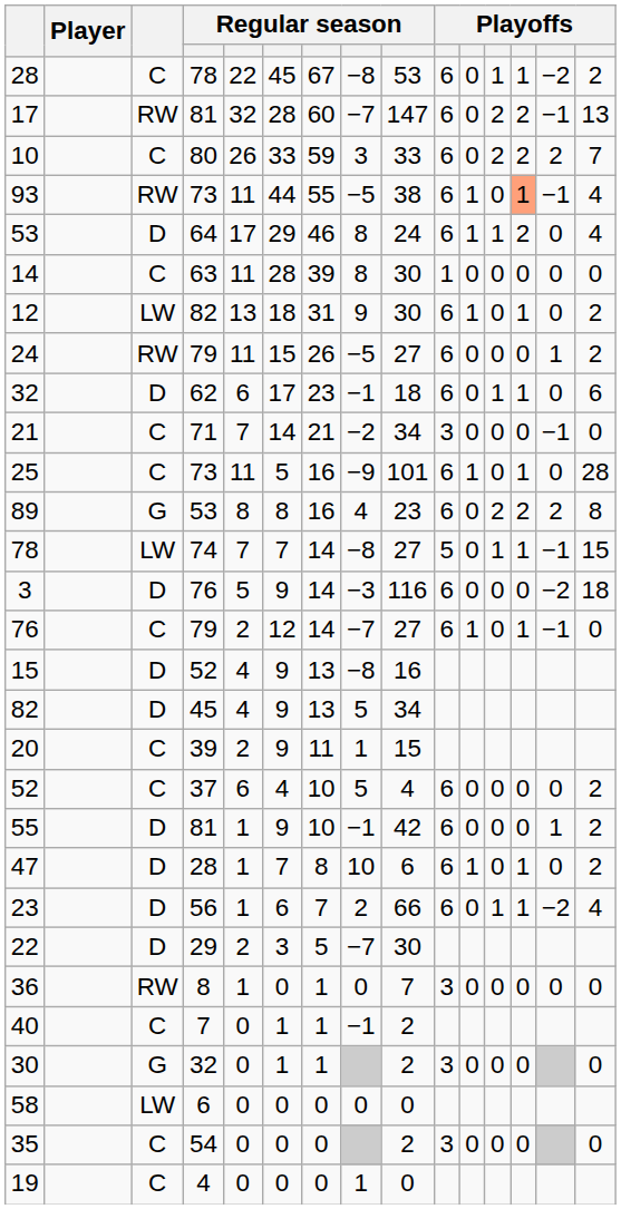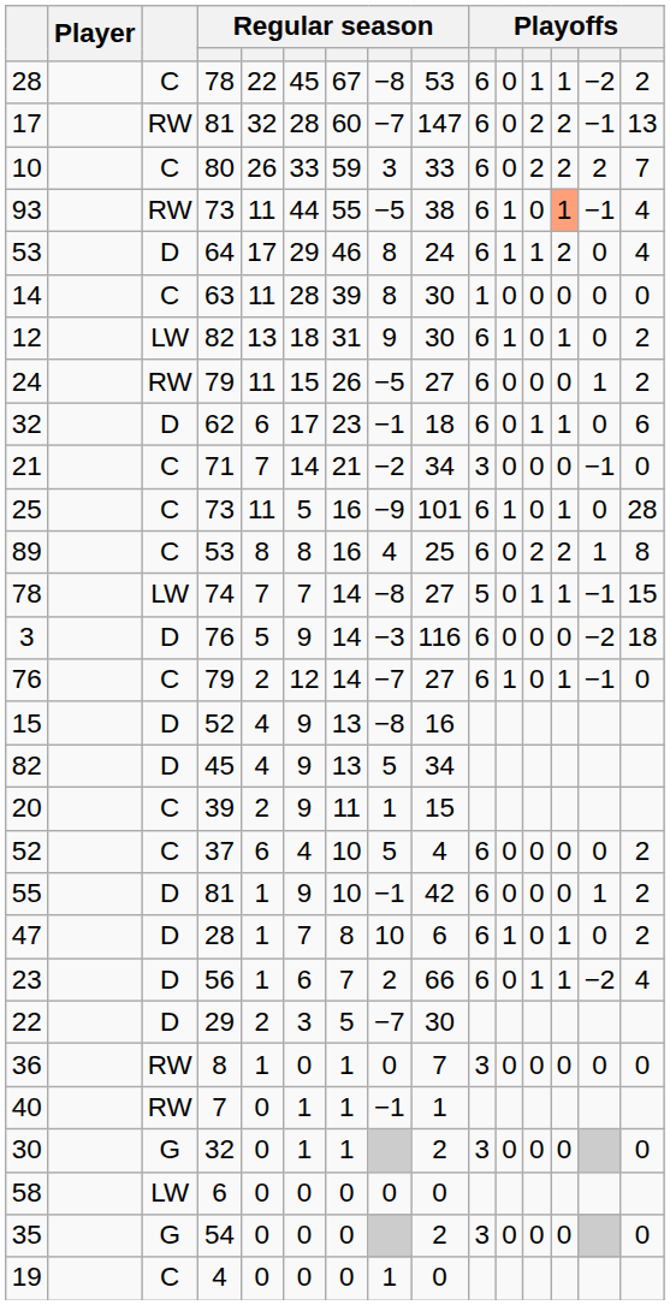 <table class="wikitable sortable plainrowheaders" style="text-align:center;">
 <tr>
 <th scope="col" data-sort-type="number" rowspan="2"></th>
 <th scope="col" rowspan="2">Player</th>
 <th scope="col" rowspan="2"></th>
 <th scope=colgroup colspan=6>Regular season</th>
 <th scope=colgroup colspan=6>Playoffs</th>
 </tr>
 <tr>
 <th scope="col" data-sort-type="number"></th>
 <th scope="col" data-sort-type="number"></th>
 <th scope="col" data-sort-type="number"></th>
 <th scope="col" data-sort-type="number"></th>
 <th scope="col" data-sort-type="number"></th>
 <th scope="col" data-sort-type="number"></th>
 <th scope="col" data-sort-type="number"></th>
 <th scope="col" data-sort-type="number"></th>
 <th scope="col" data-sort-type="number"></th>
 <th scope="col" data-sort-type="number"></th>
 <th scope="col" data-sort-type="number"></th>
 <th scope="col" data-sort-type="number"></th>
 </tr>
 <tr>
 <td scope="row">28</td>
 <td align="left"></td>
 <td>C</td>
 <td>78</td>
 <td>22</td>
 <td>45</td>
 <td>67</td>
 <td>−8</td>
 <td>53</td>
 <td>6</td>
 <td>0</td>
 <td>1</td>
 <td>1</td>
 <td>−2</td>
 <td>2</td>
 </tr>
 <tr>
 <td scope="row">17</td>
 <td align="left"></td>
 <td>RW</td>
 <td>81</td>
 <td>32</td>
 <td>28</td>
 <td>60</td>
 <td>−7</td>
 <td>147</td>
 <td>6</td>
 <td>0</td>
 <td>2</td>
 <td>2</td>
 <td>−1</td>
 <td>13</td>
 </tr>
 <tr>
 <td scope="row">10</td>
 <td align="left"></td>
 <td>C</td>
 <td>80</td>
 <td>26</td>
 <td>33</td>
 <td>59</td>
 <td>3</td>
 <td>33</td>
 <td>6</td>
 <td>0</td>
 <td>2</td>
 <td>2</td>
 <td>2</td>
 <td>7</td>
 </tr>
 <tr>
 <td scope="row">93</td>
 <td align="left"></td>
 <td>RW</td>
 <td>73</td>
 <td>11</td>
 <td>44</td>
 <td>55</td>
 <td>−5</td>
 <td>38</td>
 <td>6</td>
 <td>1</td>
 <td>0</td>
 <td style="background: lightsalmon;">1</td>
 <td>−1</td>
 <td>4</td>
 </tr>
 <tr>
 <td scope="row">53</td>
 <td align="left"></td>
 <td>D</td>
 <td>64</td>
 <td>17</td>
 <td>29</td>
 <td>46</td>
 <td>8</td>
 <td>24</td>
 <td>6</td>
 <td>1</td>
 <td>1</td>
 <td>2</td>
 <td>0</td>
 <td>4</td>
 </tr>
 <tr>
 <td scope="row">14</td>
 <td align="left"></td>
 <td>C</td>
 <td>63</td>
 <td>11</td>
 <td>28</td>
 <td>39</td>
 <td>8</td>
 <td>30</td>
 <td>1</td>
 <td>0</td>
 <td>0</td>
 <td>0</td>
 <td>0</td>
 <td>0</td>
 </tr>
 <tr>
 <td scope="row">12</td>
 <td align="left"></td>
 <td>LW</td>
 <td>82</td>
 <td>13</td>
 <td>18</td>
 <td>31</td>
 <td>9</td>
 <td>30</td>
 <td>6</td>
 <td>1</td>
 <td>0</td>
 <td>1</td>
 <td>0</td>
 <td>2</td>
 </tr>
 <tr>
 <td scope="row">24</td>
 <td align="left"></td>
 <td>RW</td>
 <td>79</td>
 <td>11</td>
 <td>15</td>
 <td>26</td>
 <td>−5</td>
 <td>27</td>
 <td>6</td>
 <td>0</td>
 <td>0</td>
 <td>0</td>
 <td>1</td>
 <td>2</td>
 </tr>
 <tr>
 <td scope="row">32</td>
 <td align="left"></td>
 <td>D</td>
 <td>62</td>
 <td>6</td>
 <td>17</td>
 <td>23</td>
 <td>−1</td>
 <td>18</td>
 <td>6</td>
 <td>0</td>
 <td>1</td>
 <td>1</td>
 <td>0</td>
 <td>6</td>
 </tr>
 <tr>
 <td scope="row">21</td>
 <td align="left"></td>
 <td>C</td>
 <td>71</td>
 <td>7</td>
 <td>14</td>
 <td>21</td>
 <td>−2</td>
 <td>34</td>
 <td>3</td>
 <td>0</td>
 <td>0</td>
 <td>0</td>
 <td>−1</td>
 <td>0</td>
 </tr>
 <tr>
 <td scope="row">25</td>
 <td align="left"></td>
 <td>C</td>
 <td>73</td>
 <td>11</td>
 <td>5</td>
 <td>16</td>
 <td>−9</td>
 <td>101</td>
 <td>6</td>
 <td>1</td>
 <td>0</td>
 <td>1</td>
 <td>0</td>
 <td>28</td>
 </tr>
 <tr>
 <td scope="row">89</td>
 <td align="left"></td>
-<td>G</td>
+<td>C</td>
 <td>53</td>
 <td>8</td>
 <td>8</td>
 <td>16</td>
 <td>4</td>
-<td>23</td>
+<td>25</td>
 <td>6</td>
 <td>0</td>
 <td>2</td>
 <td>2</td>
-<td>2</td>
+<td>1</td>
 <td>8</td>
 </tr>
 <tr>
 <td scope="row">78</td>
 <td align="left"></td>
 <td>LW</td>
 <td>74</td>
 <td>7</td>
 <td>7</td>
 <td>14</td>
 <td>−8</td>
 <td>27</td>
 <td>5</td>
 <td>0</td>
 <td>1</td>
 <td>1</td>
 <td>−1</td>
 <td>15</td>
 </tr>
 <tr>
 <td scope="row">3</td>
 <td align="left"></td>
 <td>D</td>
 <td>76</td>
 <td>5</td>
 <td>9</td>
 <td>14</td>
 <td>−3</td>
 <td>116</td>
 <td>6</td>
 <td>0</td>
 <td>0</td>
 <td>0</td>
 <td>−2</td>
 <td>18</td>
 </tr>
 <tr>
 <td scope="row">76</td>
 <td align="left"></td>
 <td>C</td>
 <td>79</td>
 <td>2</td>
 <td>12</td>
 <td>14</td>
 <td>−7</td>
 <td>27</td>
 <td>6</td>
 <td>1</td>
 <td>0</td>
 <td>1</td>
 <td>−1</td>
 <td>0</td>
 </tr>
 <tr>
 <td scope="row">15</td>
 <td align="left"></td>
 <td>D</td>
 <td>52</td>
 <td>4</td>
 <td>9</td>
 <td>13</td>
 <td>−8</td>
 <td>16</td>
 <td></td>
 <td></td>
 <td></td>
 <td></td>
 <td></td>
 <td></td>
 </tr>
 <tr>
 <td scope="row">82</td>
 <td align="left"></td>
 <td>D</td>
 <td>45</td>
 <td>4</td>
 <td>9</td>
 <td>13</td>
 <td>5</td>
 <td>34</td>
 <td></td>
 <td></td>
 <td></td>
 <td></td>
 <td></td>
 <td></td>
 </tr>
 <tr>
 <td scope="row">20</td>
 <td align="left"></td>
 <td>C</td>
 <td>39</td>
 <td>2</td>
 <td>9</td>
 <td>11</td>
 <td>1</td>
 <td>15</td>
 <td></td>
 <td></td>
 <td></td>
 <td></td>
 <td></td>
 <td></td>
 </tr>
 <tr>
 <td scope="row">52</td>
 <td align="left"></td>
 <td>C</td>
 <td>37</td>
 <td>6</td>
 <td>4</td>
 <td>10</td>
 <td>5</td>
 <td>4</td>
 <td>6</td>
 <td>0</td>
 <td>0</td>
 <td>0</td>
 <td>0</td>
 <td>2</td>
 </tr>
 <tr>
 <td scope="row">55</td>
 <td align="left"></td>
 <td>D</td>
 <td>81</td>
 <td>1</td>
 <td>9</td>
 <td>10</td>
 <td>−1</td>
 <td>42</td>
 <td>6</td>
 <td>0</td>
 <td>0</td>
 <td>0</td>
 <td>1</td>
 <td>2</td>
 </tr>
 <tr>
 <td scope="row">47</td>
 <td align="left"></td>
 <td>D</td>
 <td>28</td>
 <td>1</td>
 <td>7</td>
 <td>8</td>
 <td>10</td>
 <td>6</td>
 <td>6</td>
 <td>1</td>
 <td>0</td>
 <td>1</td>
 <td>0</td>
 <td>2</td>
 </tr>
 <tr>
 <td scope="row">23</td>
 <td align="left"></td>
 <td>D</td>
 <td>56</td>
 <td>1</td>
 <td>6</td>
 <td>7</td>
 <td>2</td>
 <td>66</td>
 <td>6</td>
 <td>0</td>
 <td>1</td>
 <td>1</td>
 <td>−2</td>
 <td>4</td>
 </tr>
 <tr>
 <td scope="row">22</td>
 <td align="left"></td>
 <td>D</td>
 <td>29</td>
 <td>2</td>
 <td>3</td>
 <td>5</td>
 <td>−7</td>
 <td>30</td>
 <td></td>
 <td></td>
 <td></td>
 <td></td>
 <td></td>
 <td></td>
 </tr>
 <tr>
 <td scope="row">36</td>
 <td align="left"></td>
 <td>RW</td>
 <td>8</td>
 <td>1</td>
 <td>0</td>
 <td>1</td>
 <td>0</td>
 <td>7</td>
 <td>3</td>
 <td>0</td>
 <td>0</td>
 <td>0</td>
 <td>0</td>
 <td>0</td>
 </tr>
 <tr>
 <td scope="row">40</td>
 <td align="left"></td>
-<td>C</td>
+<td>RW</td>
 <td>7</td>
 <td>0</td>
 <td>1</td>
 <td>1</td>
 <td>−1</td>
-<td>2</td>
+<td>1</td>
 <td></td>
 <td></td>
 <td></td>
 <td></td>
 <td></td>
 <td></td>
 </tr>
 <tr>
 <td scope="row">30</td>
 <td align="left"></td>
 <td>G</td>
 <td>32</td>
 <td>0</td>
 <td>1</td>
 <td>1</td>
 <td style="background:#ccc"></td>
 <td>2</td>
 <td>3</td>
 <td>0</td>
 <td>0</td>
 <td>0</td>
 <td style="background:#ccc"></td>
 <td>0</td>
 </tr>
 <tr>
 <td scope="row">58</td>
 <td align="left"></td>
 <td>LW</td>
 <td>6</td>
 <td>0</td>
 <td>0</td>
 <td>0</td>
 <td>0</td>
 <td>0</td>
 <td></td>
 <td></td>
 <td></td>
 <td></td>
 <td></td>
 <td></td>
 </tr>
 <tr>
 <td scope="row">35</td>
 <td align="left"></td>
-<td>C</td>
+<td>G</td>
 <td>54</td>
 <td>0</td>
 <td>0</td>
 <td>0</td>
 <td style="background:#ccc"></td>
 <td>2</td>
 <td>3</td>
 <td>0</td>
 <td>0</td>
 <td>0</td>
 <td style="background:#ccc"></td>
 <td>0</td>
 </tr>
 <tr>
 <td scope="row">19</td>
 <td align="left"></td>
 <td>C</td>
 <td>4</td>
 <td>0</td>
 <td>0</td>
 <td>0</td>
 <td>1</td>
 <td>0</td>
 <td></td>
 <td></td>
 <td></td>
 <td></td>
 <td></td>
 <td></td>
 </tr>
 </table>
